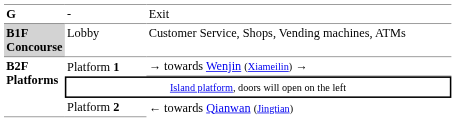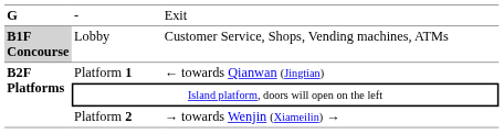 <table table border=0 cellspacing=0 cellpadding=3>
 <tr>
 <td style="border-top:solid 1px gray;" width=50 valign=top><strong>G</strong></td>
 <td style="border-top:solid 1px gray;" width=100 valign=top>-</td>
 <td style="border-top:solid 1px gray;" width=390 valign=top>Exit</td>
 </tr>
 <tr>
 <td style="background: lightgrey; border-bottom:solid 1px gray; border-top:solid 1px gray;" valign=top width=50><strong>B1F<br>Concourse</strong></td>
 <td style="border-bottom:solid 1px gray; border-top:solid 1px gray;" valign=top width=100>Lobby</td>
 <td style="border-bottom:solid 1px gray; border-top:solid 1px gray;" valign=top width=390>Customer Service, Shops, Vending machines, ATMs</td>
 </tr>
 <tr>
 <td style="border-bottom:solid 1px gray;" rowspan="3" valign=top><strong>B2F<br>Platforms</strong></td>
 <td>Platform <strong>1</strong></td>
-<td style="border-bottom:solid 1px gray;"><span>→</span>  towards <a href='#'>Wenjin</a> <small>(<a href='#'>Xiameilin</a>)</small> →</td>
+<td>←  towards <a href='#'>Qianwan</a> <small>(<a href='#'>Jingtian</a>)</small></td>
 </tr>
 <tr>
 <td style="border-right:solid 2px black;border-left:solid 2px black;border-top:solid 2px black;border-bottom:solid 2px black;text-align:center;" colspan=2><small><a href='#'>Island platform</a>, doors will open on the left</small></td>
 </tr>
 <tr>
 <td style="border-bottom:solid 1px gray;">Platform <strong>2</strong></td>
-<td>←  towards <a href='#'>Qianwan</a> <small>(<a href='#'>Jingtian</a>)</small></td>
+<td style="border-bottom:solid 1px gray;"><span>→</span>  towards <a href='#'>Wenjin</a> <small>(<a href='#'>Xiameilin</a>)</small> →</td>
 </tr>
 </table>
